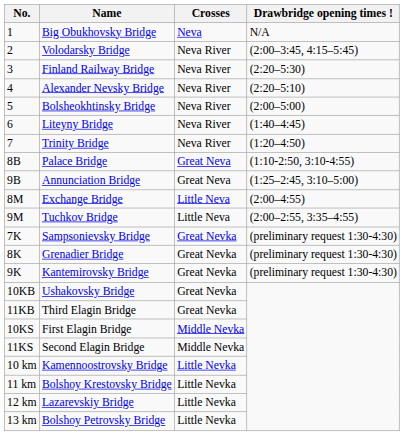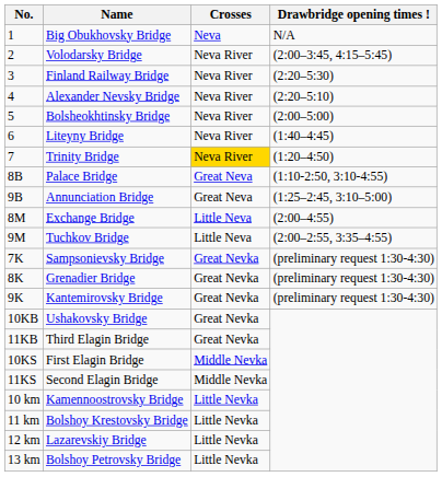 <table class="wikitable sortable">
 <tr>
 <th>No.</th>
 <th>Name</th>
 <th>Crosses</th>
 <th>Drawbridge opening times !</th>
 </tr>
 <tr>
 <td>1</td>
 <td><a href='#'>Big Obukhovsky Bridge</a></td>
 <td><a href='#'>Neva</a></td>
 <td>N/A</td>
 </tr>
 <tr>
 <td>2</td>
 <td><a href='#'>Volodarsky Bridge</a></td>
 <td>Neva River</td>
 <td>(2:00–3:45, 4:15–5:45)</td>
 </tr>
 <tr>
 <td>3</td>
 <td><a href='#'>Finland Railway Bridge</a></td>
 <td>Neva River</td>
 <td>(2:20–5:30)</td>
 </tr>
 <tr>
 <td>4</td>
 <td><a href='#'>Alexander Nevsky Bridge</a></td>
 <td>Neva River</td>
 <td>(2:20–5:10)</td>
 </tr>
 <tr>
 <td>5</td>
 <td><a href='#'>Bolsheokhtinsky Bridge</a></td>
 <td>Neva River</td>
 <td>(2:00–5:00)</td>
 </tr>
 <tr>
 <td>6</td>
 <td><a href='#'>Liteyny Bridge</a></td>
 <td>Neva River</td>
 <td>(1:40–4:45)</td>
 </tr>
 <tr>
 <td>7</td>
 <td><a href='#'>Trinity Bridge</a></td>
-<td>Neva River</td>
+<td style="background: gold;">Neva River</td>
 <td>(1:20–4:50)</td>
 </tr>
 <tr>
 <td>8B</td>
 <td><a href='#'>Palace Bridge</a></td>
 <td><a href='#'>Great Neva</a></td>
 <td>(1:10-2:50, 3:10-4:55)</td>
 </tr>
 <tr>
 <td>9B</td>
 <td><a href='#'>Annunciation Bridge</a></td>
 <td>Great Neva</td>
 <td>(1:25–2:45, 3:10–5:00)</td>
 </tr>
 <tr>
 <td>8M</td>
 <td><a href='#'>Exchange Bridge</a></td>
 <td><a href='#'>Little Neva</a></td>
 <td>(2:00–4:55)</td>
 </tr>
 <tr>
 <td>9M</td>
 <td><a href='#'>Tuchkov Bridge</a></td>
 <td>Little Neva</td>
 <td>(2:00–2:55, 3:35–4:55)</td>
 </tr>
 <tr>
 <td>7K</td>
 <td><a href='#'>Sampsonievsky Bridge</a></td>
 <td><a href='#'>Great Nevka</a></td>
 <td>(preliminary request 1:30-4:30)</td>
 </tr>
 <tr>
 <td>8K</td>
 <td><a href='#'>Grenadier Bridge</a></td>
 <td>Great Nevka</td>
 <td>(preliminary request 1:30-4:30)</td>
 </tr>
 <tr>
 <td>9K</td>
 <td><a href='#'>Kantemirovsky Bridge</a></td>
 <td>Great Nevka</td>
 <td>(preliminary request 1:30-4:30)</td>
 </tr>
 <tr>
 <td>10KB</td>
 <td><a href='#'>Ushakovsky Bridge</a></td>
 <td>Great Nevka</td>
 </tr>
 <tr>
 <td>11KB</td>
 <td>Third Elagin Bridge</td>
 <td>Great Nevka</td>
 </tr>
 <tr>
 <td>10KS</td>
 <td>First Elagin Bridge</td>
 <td><a href='#'>Middle Nevka</a></td>
 </tr>
 <tr>
 <td>11KS</td>
 <td>Second Elagin Bridge</td>
 <td>Middle Nevka</td>
 </tr>
 <tr>
 <td>10 km</td>
 <td><a href='#'>Kamennoostrovsky Bridge</a></td>
 <td><a href='#'>Little Nevka</a></td>
 </tr>
 <tr>
 <td>11 km</td>
 <td><a href='#'>Bolshoy Krestovsky Bridge</a></td>
 <td>Little Nevka</td>
 </tr>
 <tr>
 <td>12 km</td>
 <td><a href='#'>Lazarevskiy Bridge</a></td>
 <td>Little Nevka</td>
 </tr>
 <tr>
 <td>13 km</td>
 <td><a href='#'>Bolshoy Petrovsky Bridge</a></td>
 <td>Little Nevka</td>
 </tr>
 </table>
